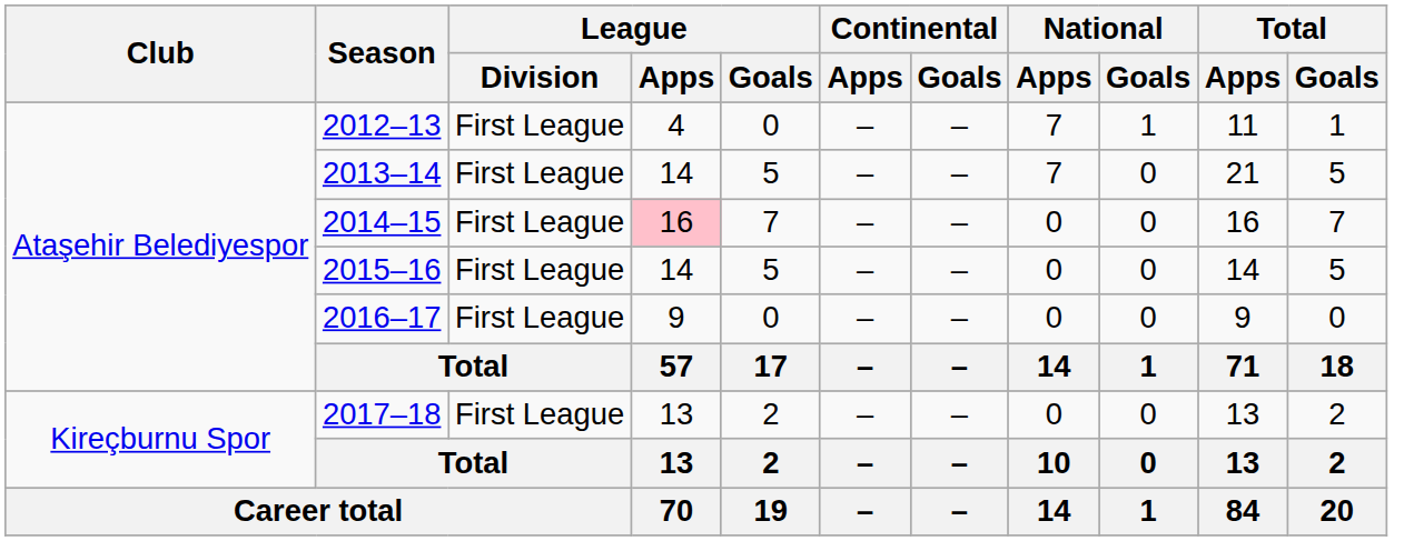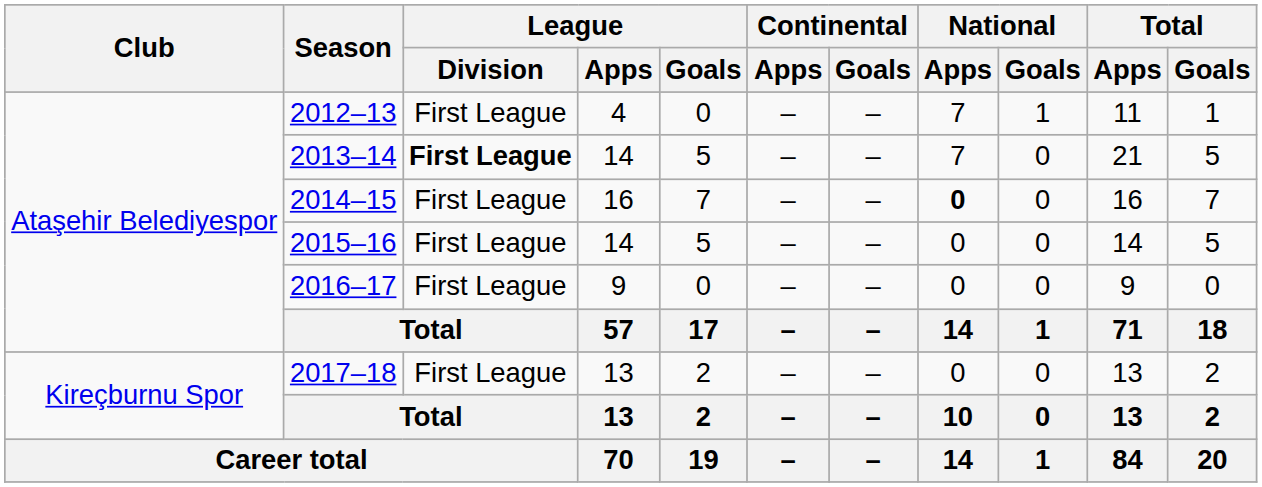 <table class="wikitable" style="text-align: center;">
 <tr>
 <th rowspan=2>Club</th>
 <th rowspan=2>Season</th>
 <th colspan=3>League</th>
 <th colspan=2>Continental</th>
 <th colspan=2>National</th>
 <th colspan=2>Total</th>
 </tr>
 <tr>
 <th>Division</th>
 <th>Apps</th>
 <th>Goals</th>
 <th>Apps</th>
 <th>Goals</th>
 <th>Apps</th>
 <th>Goals</th>
 <th>Apps</th>
 <th>Goals</th>
 </tr>
 <tr>
 <td rowspan=6><a href='#'>Ataşehir Belediyespor</a></td>
 <td><a href='#'>2012–13</a></td>
 <td>First League</td>
 <td>4</td>
 <td>0</td>
 <td>–</td>
 <td>–</td>
 <td>7</td>
 <td>1</td>
 <td>11</td>
 <td>1</td>
 </tr>
 <tr>
 <td><a href='#'>2013–14</a></td>
-<td>First League</td>
+<td><strong>First League</strong></td>
 <td>14</td>
 <td>5</td>
 <td>–</td>
 <td>–</td>
 <td>7</td>
 <td>0</td>
 <td>21</td>
 <td>5</td>
 </tr>
 <tr>
 <td><a href='#'>2014–15</a></td>
 <td>First League</td>
-<td style="background: pink;">16</td>
+<td>16</td>
 <td>7</td>
 <td>–</td>
 <td>–</td>
-<td>0</td>
+<td><strong>0</strong></td>
 <td>0</td>
 <td>16</td>
 <td>7</td>
 </tr>
 <tr>
 <td><a href='#'>2015–16</a></td>
 <td>First League</td>
 <td>14</td>
 <td>5</td>
 <td>–</td>
 <td>–</td>
 <td>0</td>
 <td>0</td>
 <td>14</td>
 <td>5</td>
 </tr>
 <tr>
 <td><a href='#'>2016–17</a></td>
 <td>First League</td>
 <td>9</td>
 <td>0</td>
 <td>–</td>
 <td>–</td>
 <td>0</td>
 <td>0</td>
 <td>9</td>
 <td>0</td>
 </tr>
 <tr>
 <th colspan=2>Total</th>
 <th>57</th>
 <th>17</th>
 <th>–</th>
 <th>–</th>
 <th>14</th>
 <th>1</th>
 <th>71</th>
 <th>18</th>
 </tr>
 <tr>
 <td rowspan=2><a href='#'>Kireçburnu Spor</a></td>
 <td><a href='#'>2017–18</a></td>
 <td>First League</td>
 <td>13</td>
 <td>2</td>
 <td>–</td>
 <td>–</td>
 <td>0</td>
 <td>0</td>
 <td>13</td>
 <td>2</td>
 </tr>
 <tr>
 <th colspan=2>Total</th>
 <th>13</th>
 <th>2</th>
 <th>–</th>
 <th>–</th>
 <th>10</th>
 <th>0</th>
 <th>13</th>
 <th>2</th>
 </tr>
 <tr>
 <th colspan=3>Career total</th>
 <th>70</th>
 <th>19</th>
 <th>–</th>
 <th>–</th>
 <th>14</th>
 <th>1</th>
 <th>84</th>
 <th>20</th>
 </tr>
 </table>
